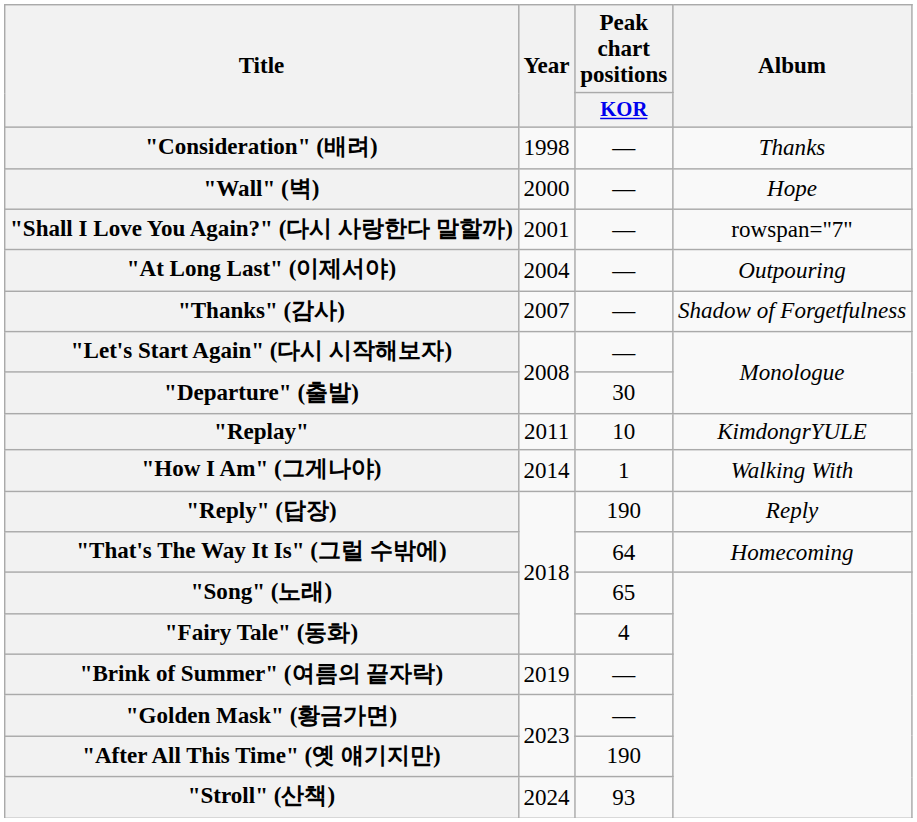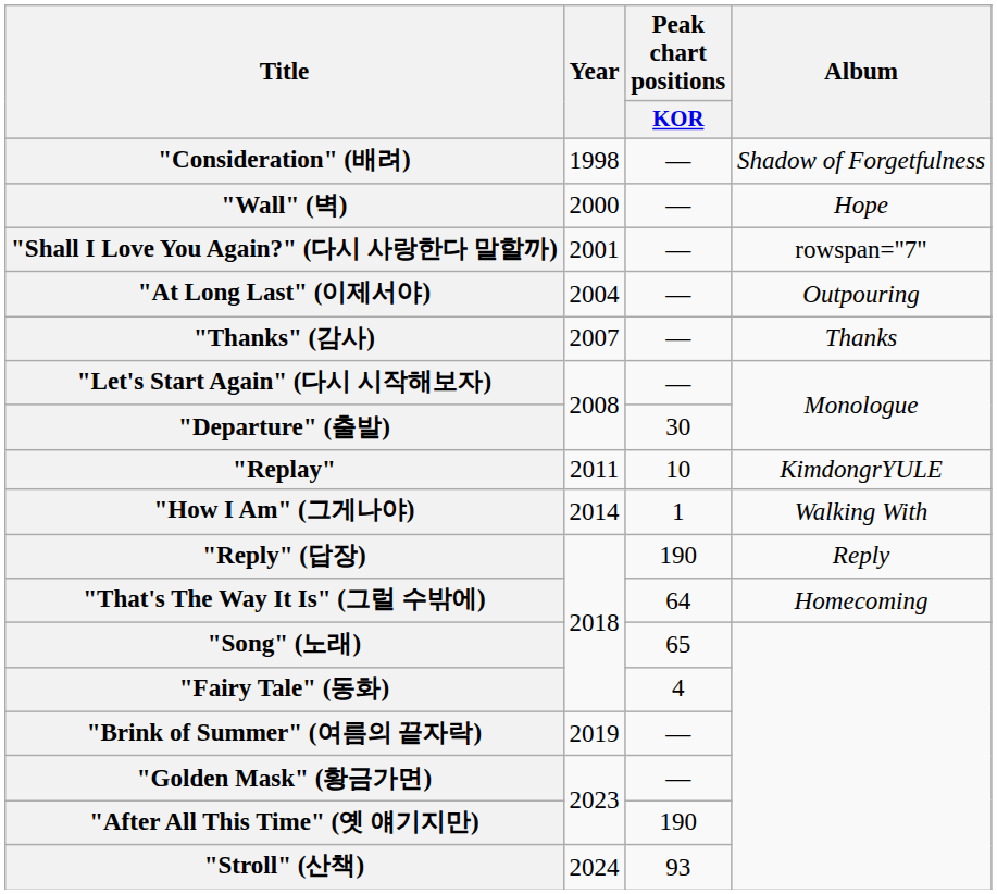 <table class="wikitable plainrowheaders" style="text-align:center;">
 <tr>
 <th scope="col" rowspan="2">Title</th>
 <th scope="col" rowspan="2">Year</th>
 <th scope="col">Peak chart positions</th>
 <th scope="col" rowspan="2">Album</th>
 </tr>
 <tr>
 <th scope="col" style="width:2.5em;font-size:90%;"><a href='#'>KOR</a><br></th>
 </tr>
 <tr>
 <th scope="row">"Consideration" (배려)</th>
 <td>1998</td>
 <td>—</td>
-<td><em>Thanks</em></td>
+<td><em>Shadow of Forgetfulness</em></td>
 </tr>
 <tr>
 <th scope="row">"Wall" (벽) </th>
 <td>2000</td>
 <td>—</td>
 <td><em>Hope</em></td>
 </tr>
 <tr>
 <th scope="row">"Shall I Love You Again?" (다시 사랑한다 말할까)</th>
 <td>2001</td>
 <td>—</td>
 <td>rowspan="7" </td>
 </tr>
 <tr>
 <th scope="row">"At Long Last" (이제서야)</th>
 <td>2004</td>
 <td>—</td>
 <td><em>Outpouring</em></td>
 </tr>
 <tr>
 <th scope="row">"Thanks" (감사)</th>
 <td>2007</td>
 <td>—</td>
-<td><em>Shadow of Forgetfulness</em></td>
+<td><em>Thanks</em></td>
 </tr>
 <tr>
 <th scope="row">"Let's Start Again" (다시 시작해보자)</th>
 <td rowspan="2">2008</td>
 <td>—</td>
 <td rowspan="2"><em>Monologue</em></td>
 </tr>
 <tr>
 <th scope="row">"Departure" (출발)</th>
 <td>30</td>
 </tr>
 <tr>
 <th scope="row">"Replay"</th>
 <td>2011</td>
 <td>10</td>
 <td><em>KimdongrYULE</em></td>
 </tr>
 <tr>
 <th scope="row">"How I Am" (그게나야)</th>
 <td>2014</td>
 <td>1</td>
 <td><em>Walking With</em></td>
 </tr>
 <tr>
 <th scope="row">"Reply" (답장)</th>
 <td rowspan="4">2018</td>
 <td>190</td>
 <td><em>Reply</em></td>
 </tr>
 <tr>
 <th scope="row">"That's The Way It Is" (그럴 수밖에)</th>
 <td>64</td>
 <td><em>Homecoming</em></td>
 </tr>
 <tr>
 <th scope="row">"Song" (노래)</th>
 <td>65</td>
 </tr>
 <tr>
 <th scope="row">"Fairy Tale" (동화) </th>
 <td>4</td>
 </tr>
 <tr>
 <th scope="row">"Brink of Summer" (여름의 끝자락) </th>
 <td>2019</td>
 <td>—</td>
 </tr>
 <tr>
 <th scope="row">"Golden Mask" (황금가면)</th>
 <td rowspan="2">2023</td>
 <td>—</td>
 </tr>
 <tr>
 <th scope="row">"After All This Time" (옛 얘기지만)</th>
 <td>190</td>
 </tr>
 <tr>
 <th scope="row">"Stroll" (산책)</th>
 <td>2024</td>
 <td>93</td>
 </tr>
 </table>
